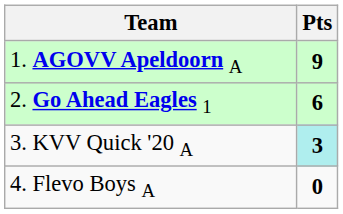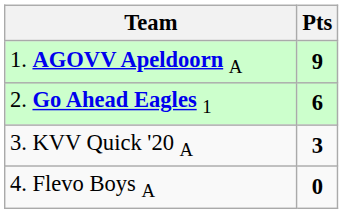 <table class="wikitable" style="text-align:center; float:left; margin-right:1em">
 <tr>
 <th style="width:200px">Team</th>
 <th width=20>Pts</th>
 </tr>
 <tr bgcolor=ccffcc>
 <td align=left>1. <strong><a href='#'>AGOVV Apeldoorn</a></strong> <sub>A</sub></td>
 <td><strong>9</strong></td>
 </tr>
 <tr bgcolor=ccffcc>
 <td align=left>2. <strong><a href='#'>Go Ahead Eagles</a></strong> <sub>1</sub></td>
 <td><strong>6</strong></td>
 </tr>
 <tr>
 <td align=left>3. KVV Quick '20 <sub>A</sub></td>
-<td style="background: paleturquoise;"><strong>3</strong></td>
+<td><strong>3</strong></td>
 </tr>
 <tr>
 <td align=left>4. Flevo Boys <sub>A</sub></td>
 <td><strong>0</strong></td>
 </tr>
 </table>
